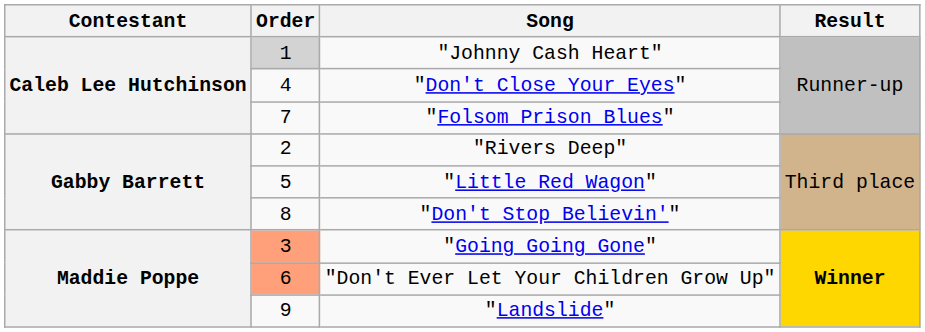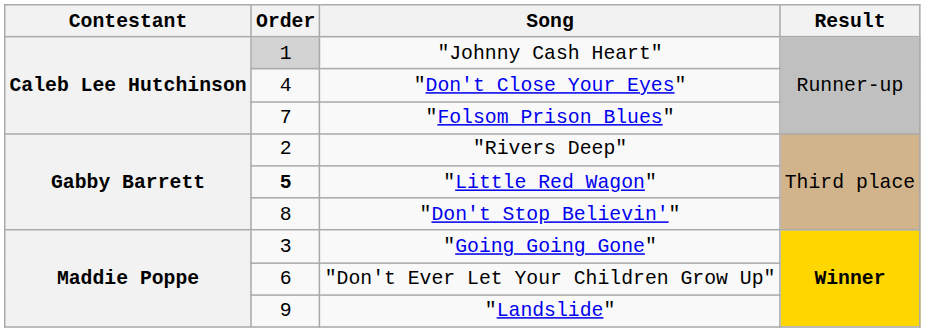 <table class="wikitable unsortable" style="text-align:center;">
 <tr>
 <th scope="col">Contestant</th>
 <th scope="col">Order</th>
 <th scope="col">Song</th>
 <th scope="col">Result</th>
 </tr>
 <tr>
 <th scope="row" rowspan="3">Caleb Lee Hutchinson</th>
 <td style="background: lightgrey;">1</td>
 <td>"Johnny Cash Heart"</td>
 <td rowspan="3" style="background:silver">Runner-up</td>
 </tr>
 <tr>
 <td>4</td>
 <td>"<a href='#'>Don't Close Your Eyes</a>"</td>
 </tr>
 <tr>
 <td>7</td>
 <td>"<a href='#'>Folsom Prison Blues</a>"</td>
 </tr>
 <tr>
 <th scope="row" rowspan="3">Gabby Barrett</th>
 <td>2</td>
 <td>"Rivers Deep"</td>
 <td rowspan="3" style="background:tan">Third place</td>
 </tr>
 <tr>
-<td>5</td>
+<td><strong>5</strong></td>
 <td>"<a href='#'>Little Red Wagon</a>"</td>
 </tr>
 <tr>
 <td>8</td>
 <td>"<a href='#'>Don't Stop Believin'</a>"</td>
 </tr>
 <tr>
 <th scope="row" rowspan="3">Maddie Poppe</th>
-<td style="background: lightsalmon;">3</td>
+<td>3</td>
 <td>"<a href='#'>Going Going Gone</a>"</td>
 <td rowspan="3" style="background:gold"><strong>Winner</strong></td>
 </tr>
 <tr>
-<td style="background: lightsalmon;">6</td>
+<td>6</td>
 <td>"Don't Ever Let Your Children Grow Up"</td>
 </tr>
 <tr>
 <td>9</td>
 <td>"<a href='#'>Landslide</a>"</td>
 </tr>
 </table>
